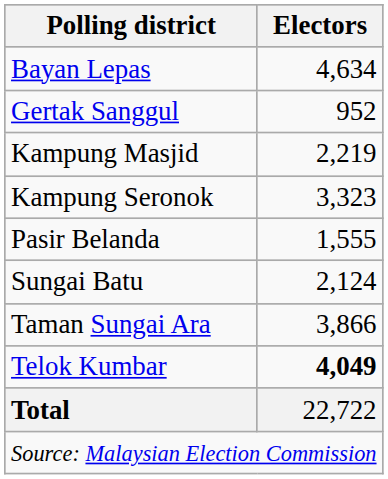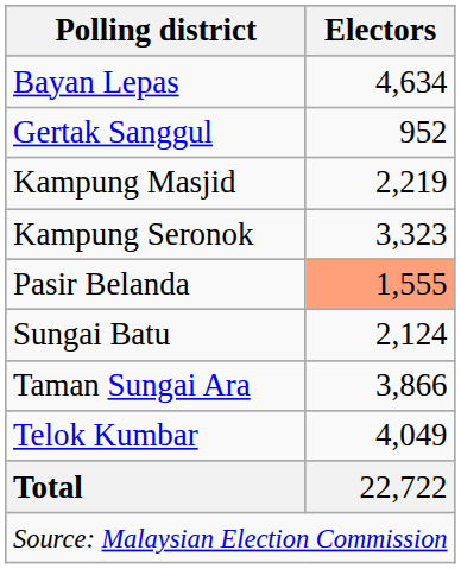 <table class="wikitable sortable">
 <tr>
 <th>Polling district</th>
 <th>Electors</th>
 </tr>
 <tr>
 <td><a href='#'>Bayan Lepas</a></td>
 <td align="right">4,634</td>
 </tr>
 <tr>
 <td><a href='#'>Gertak Sanggul</a></td>
 <td align="right">952</td>
 </tr>
 <tr>
 <td>Kampung Masjid</td>
 <td align="right">2,219</td>
 </tr>
 <tr>
 <td>Kampung Seronok</td>
 <td align="right">3,323</td>
 </tr>
 <tr>
 <td>Pasir Belanda</td>
-<td align="right">1,555</td>
+<td align="right" style="background: lightsalmon;">1,555</td>
 </tr>
 <tr>
 <td>Sungai Batu</td>
 <td align="right">2,124</td>
 </tr>
 <tr>
 <td>Taman <a href='#'>Sungai Ara</a></td>
 <td align="right">3,866</td>
 </tr>
 <tr>
 <td><a href='#'>Telok Kumbar</a></td>
-<td align="right"><strong>4,049</strong></td>
+<td align="right">4,049</td>
 </tr>
 <tr>
 <td style="background: #f2f2f2"><strong>Total</strong></td>
 <td style="background: #f2f2f2" align="right">22,722</td>
 </tr>
 <tr>
 <td colspan="2" align="right"><small><em>Source: <a href='#'>Malaysian Election Commission</a></em></small></td>
 </tr>
 </table>
